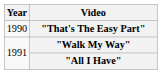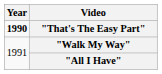 <table class="wikitable plainrowheaders">
 <tr>
 <th>Year</th>
 <th style="width:12em;">Video</th>
 </tr>
 <tr>
-<td>1990</td>
+<td><strong>1990</strong></td>
 <th scope="row">"That's The Easy Part"</th>
 </tr>
 <tr>
 <td rowspan="2">1991</td>
 <th scope="row">"Walk My Way"</th>
 </tr>
 <tr>
 <th scope="row">"All I Have"</th>
 </tr>
 </table>
